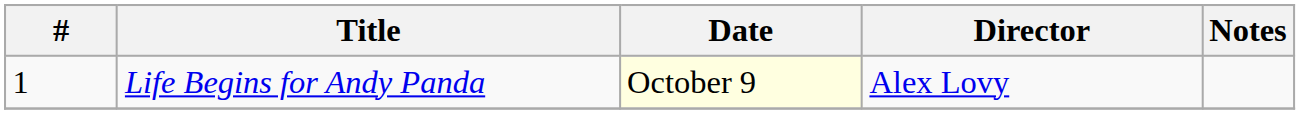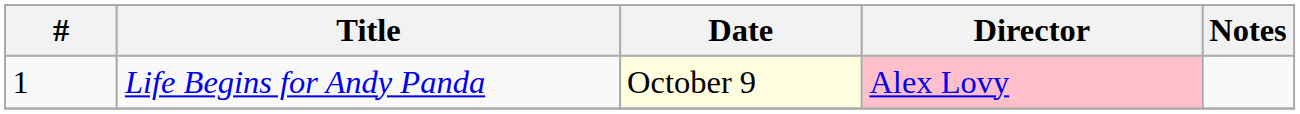 <table class="wikitable">
 <tr>
 <th style="width:3em">#</th>
 <th style="width:15em">Title</th>
 <th style="width:7em">Date</th>
 <th style="width:10em">Director</th>
 <th>Notes</th>
 </tr>
 <tr>
 <td>1</td>
 <td><em><a href='#'>Life Begins for Andy Panda</a></em></td>
 <td style="background: lightyellow;">October 9</td>
-<td><a href='#'>Alex Lovy</a></td>
+<td style="background: pink;"><a href='#'>Alex Lovy</a></td>
 <td></td>
 </tr>
 <tr>
 </tr>
 </table>
